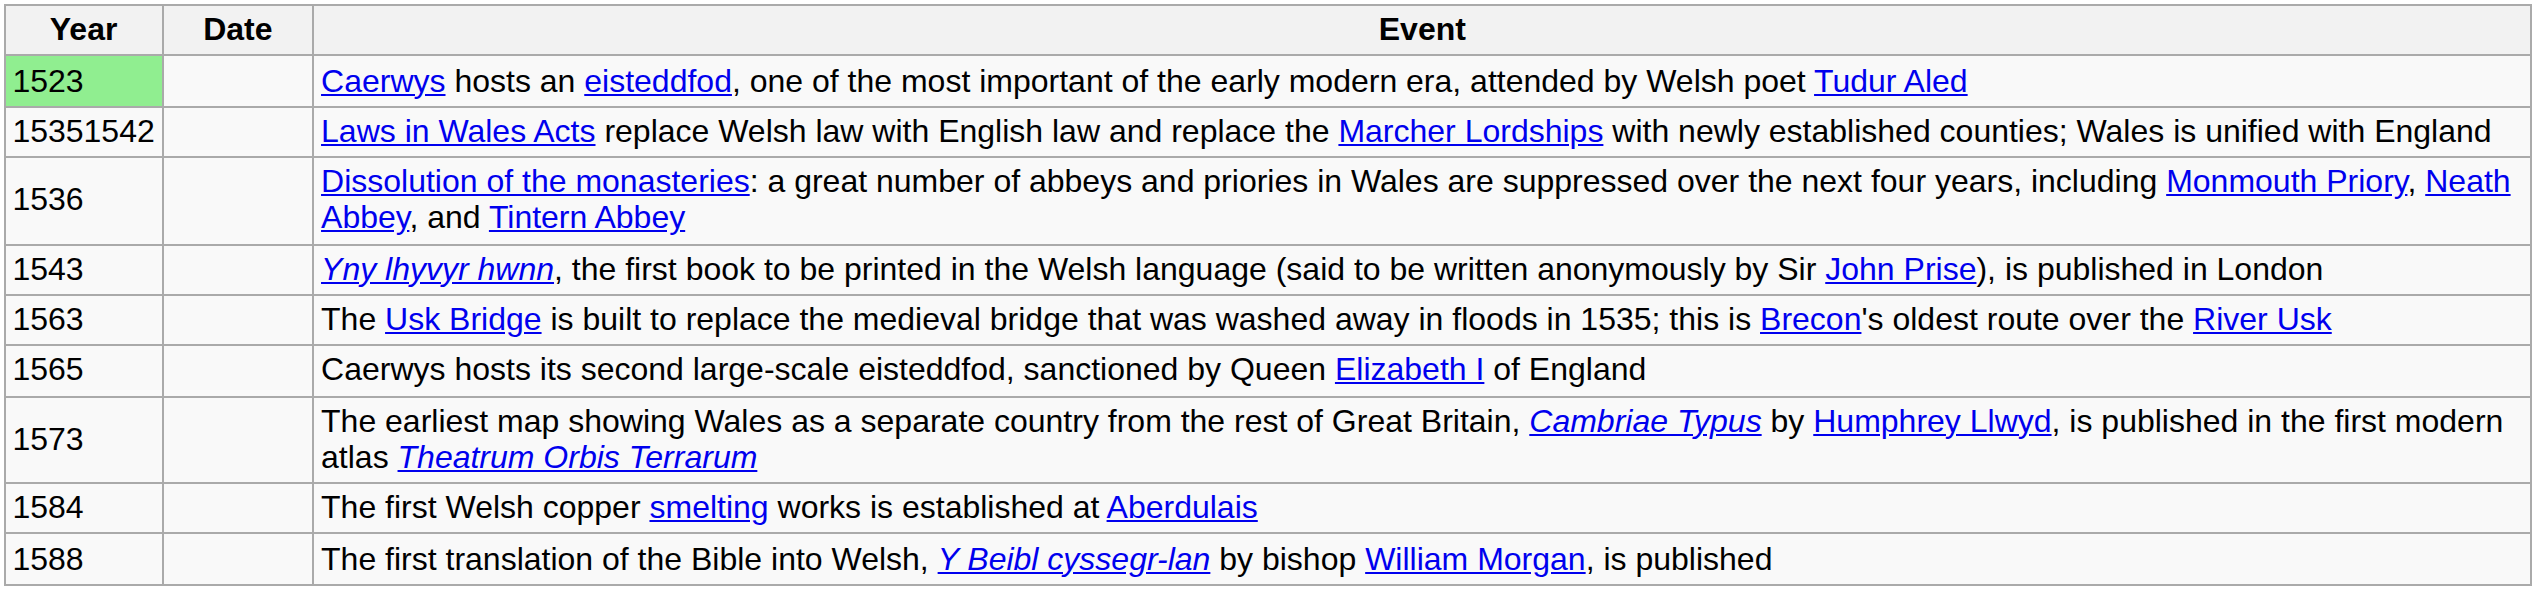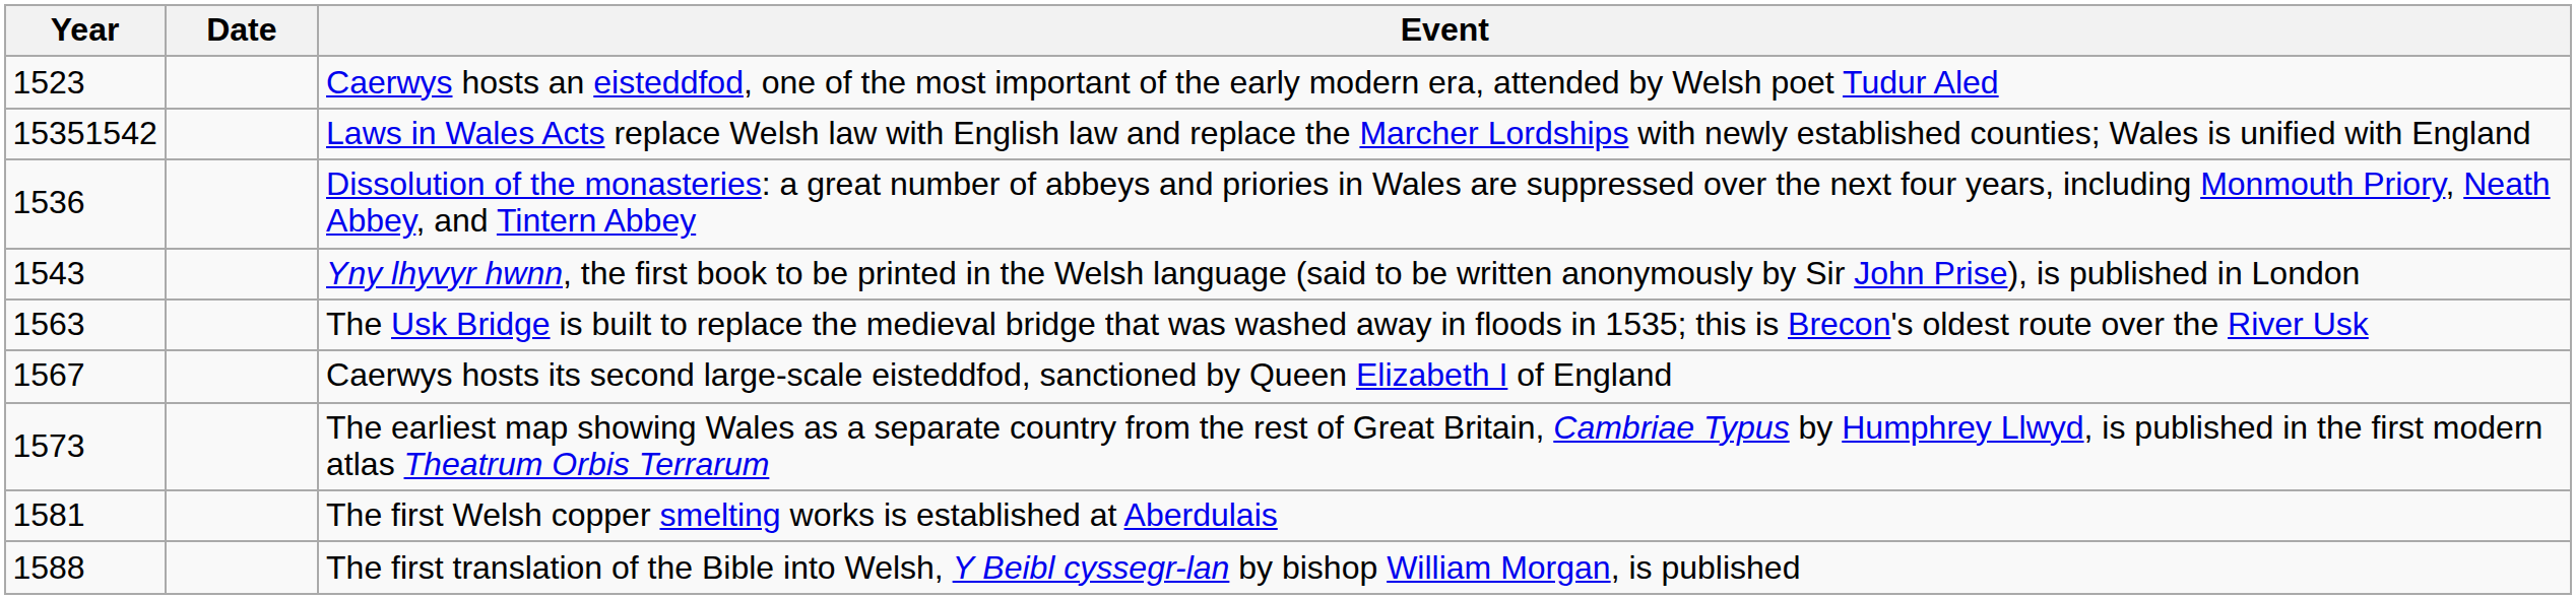 <table class="wikitable" width="100%">
 <tr>
 <th style="width:6%">Year</th>
 <th style="width:6%">Date</th>
 <th>Event</th>
 </tr>
 <tr>
-<td style="background: lightgreen;">1523</td>
+<td>1523</td>
 <td></td>
 <td><a href='#'>Caerwys</a> hosts an <a href='#'>eisteddfod</a>, one of the most important of the early modern era, attended by Welsh poet <a href='#'>Tudur Aled</a></td>
 </tr>
 <tr>
 <td>15351542</td>
 <td></td>
 <td><a href='#'>Laws in Wales Acts</a> replace Welsh law with English law and replace the <a href='#'>Marcher Lordships</a> with newly established counties; Wales is unified with England</td>
 </tr>
 <tr>
 <td>1536</td>
 <td></td>
 <td><a href='#'>Dissolution of the monasteries</a>: a great number of abbeys and priories in Wales are suppressed over the next four years, including <a href='#'>Monmouth Priory</a>, <a href='#'>Neath Abbey</a>, and <a href='#'>Tintern Abbey</a></td>
 </tr>
 <tr>
 <td>1543</td>
 <td></td>
 <td><em><a href='#'>Yny lhyvyr hwnn</a></em>, the first book to be printed in the Welsh language (said to be written anonymously by Sir <a href='#'>John Prise</a>), is published in London</td>
 </tr>
 <tr>
 <td>1563</td>
 <td></td>
 <td>The <a href='#'>Usk Bridge</a> is built to replace the medieval bridge that was washed away in floods in 1535; this is <a href='#'>Brecon</a>'s oldest route over the <a href='#'>River Usk</a></td>
 </tr>
 <tr>
-<td>1565</td>
+<td>1567</td>
 <td></td>
 <td>Caerwys hosts its second large-scale eisteddfod, sanctioned by Queen <a href='#'>Elizabeth I</a> of England</td>
 </tr>
 <tr>
 <td>1573</td>
 <td></td>
 <td>The earliest map showing Wales as a separate country from the rest of Great Britain, <em><a href='#'>Cambriae Typus</a></em> by <a href='#'>Humphrey Llwyd</a>, is published in the first modern atlas <em><a href='#'>Theatrum Orbis Terrarum</a></em></td>
 </tr>
 <tr>
-<td>1584</td>
+<td>1581</td>
 <td></td>
 <td>The first Welsh copper <a href='#'>smelting</a> works is established at <a href='#'>Aberdulais</a></td>
 </tr>
 <tr>
 <td>1588</td>
 <td></td>
 <td>The first translation of the Bible into Welsh, <em><a href='#'>Y Beibl cyssegr-lan</a></em> by bishop <a href='#'>William Morgan</a>, is published</td>
 </tr>
 </table>
